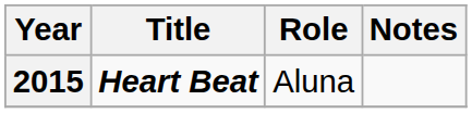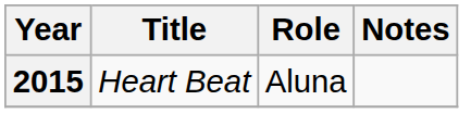 <table class="wikitable plainrowheaders sortable">
 <tr>
 <th scope="col">Year</th>
 <th scope="col">Title</th>
 <th scope="col">Role</th>
 <th scope="col" class="unsortable">Notes</th>
 </tr>
 <tr>
 <th scope="row">2015</th>
-<td><strong><em>Heart Beat</em></strong></td>
+<td><em>Heart Beat</em></td>
 <td>Aluna</td>
 <td></td>
 </tr>
 <tr>
 </tr>
 </table>
